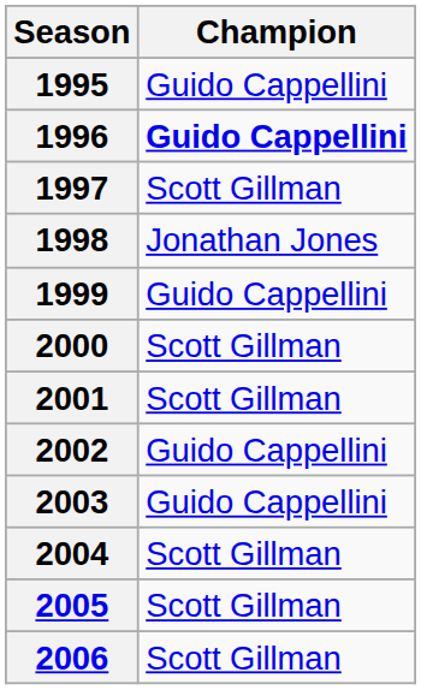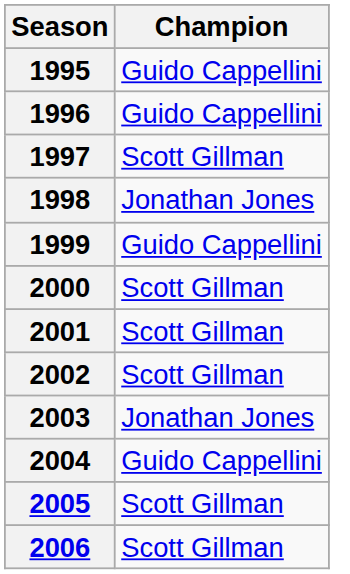 <table class="wikitable" style="font-size: 95%; display:inline-table;">
 <tr>
 <th>Season</th>
 <th>Champion</th>
 </tr>
 <tr>
 <th>1995</th>
 <td> <a href='#'>Guido Cappellini</a></td>
 </tr>
 <tr>
 <th>1996</th>
-<td><strong> <a href='#'>Guido Cappellini</a></strong></td>
+<td> <a href='#'>Guido Cappellini</a></td>
 </tr>
 <tr>
 <th>1997</th>
 <td> <a href='#'>Scott Gillman</a></td>
 </tr>
 <tr>
 <th>1998</th>
 <td> <a href='#'>Jonathan Jones</a></td>
 </tr>
 <tr>
 <th>1999</th>
 <td> <a href='#'>Guido Cappellini</a></td>
 </tr>
 <tr>
 <th>2000</th>
 <td> <a href='#'>Scott Gillman</a></td>
 </tr>
 <tr>
 <th>2001</th>
 <td> <a href='#'>Scott Gillman</a></td>
 </tr>
 <tr>
 <th>2002</th>
-<td> <a href='#'>Guido Cappellini</a></td>
+<td> <a href='#'>Scott Gillman</a></td>
 </tr>
 <tr>
 <th>2003</th>
-<td> <a href='#'>Guido Cappellini</a></td>
+<td> <a href='#'>Jonathan Jones</a></td>
 </tr>
 <tr>
 <th>2004</th>
-<td> <a href='#'>Scott Gillman</a></td>
+<td> <a href='#'>Guido Cappellini</a></td>
 </tr>
 <tr>
 <th><a href='#'>2005</a></th>
 <td> <a href='#'>Scott Gillman</a></td>
 </tr>
 <tr>
 <th><a href='#'>2006</a></th>
 <td> <a href='#'>Scott Gillman</a></td>
 </tr>
 </table>
